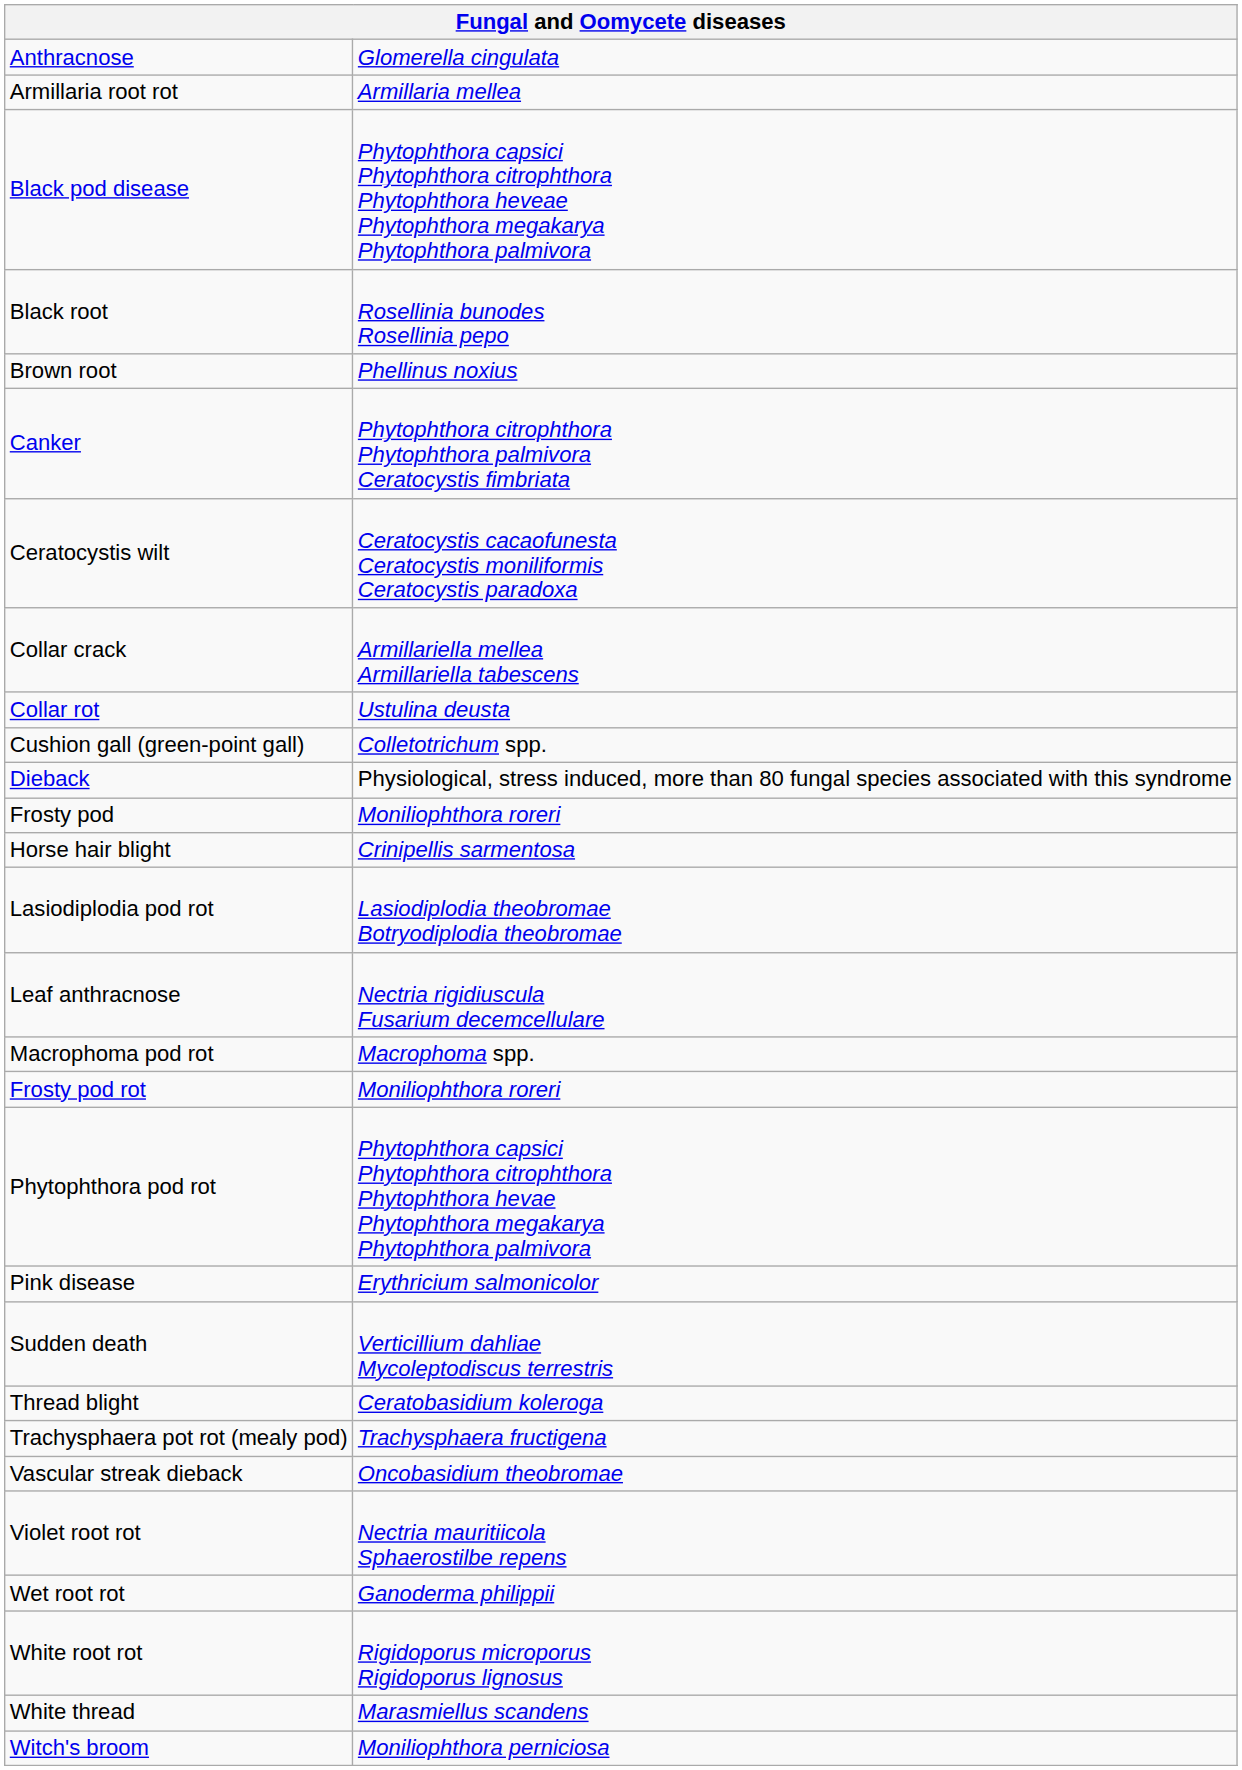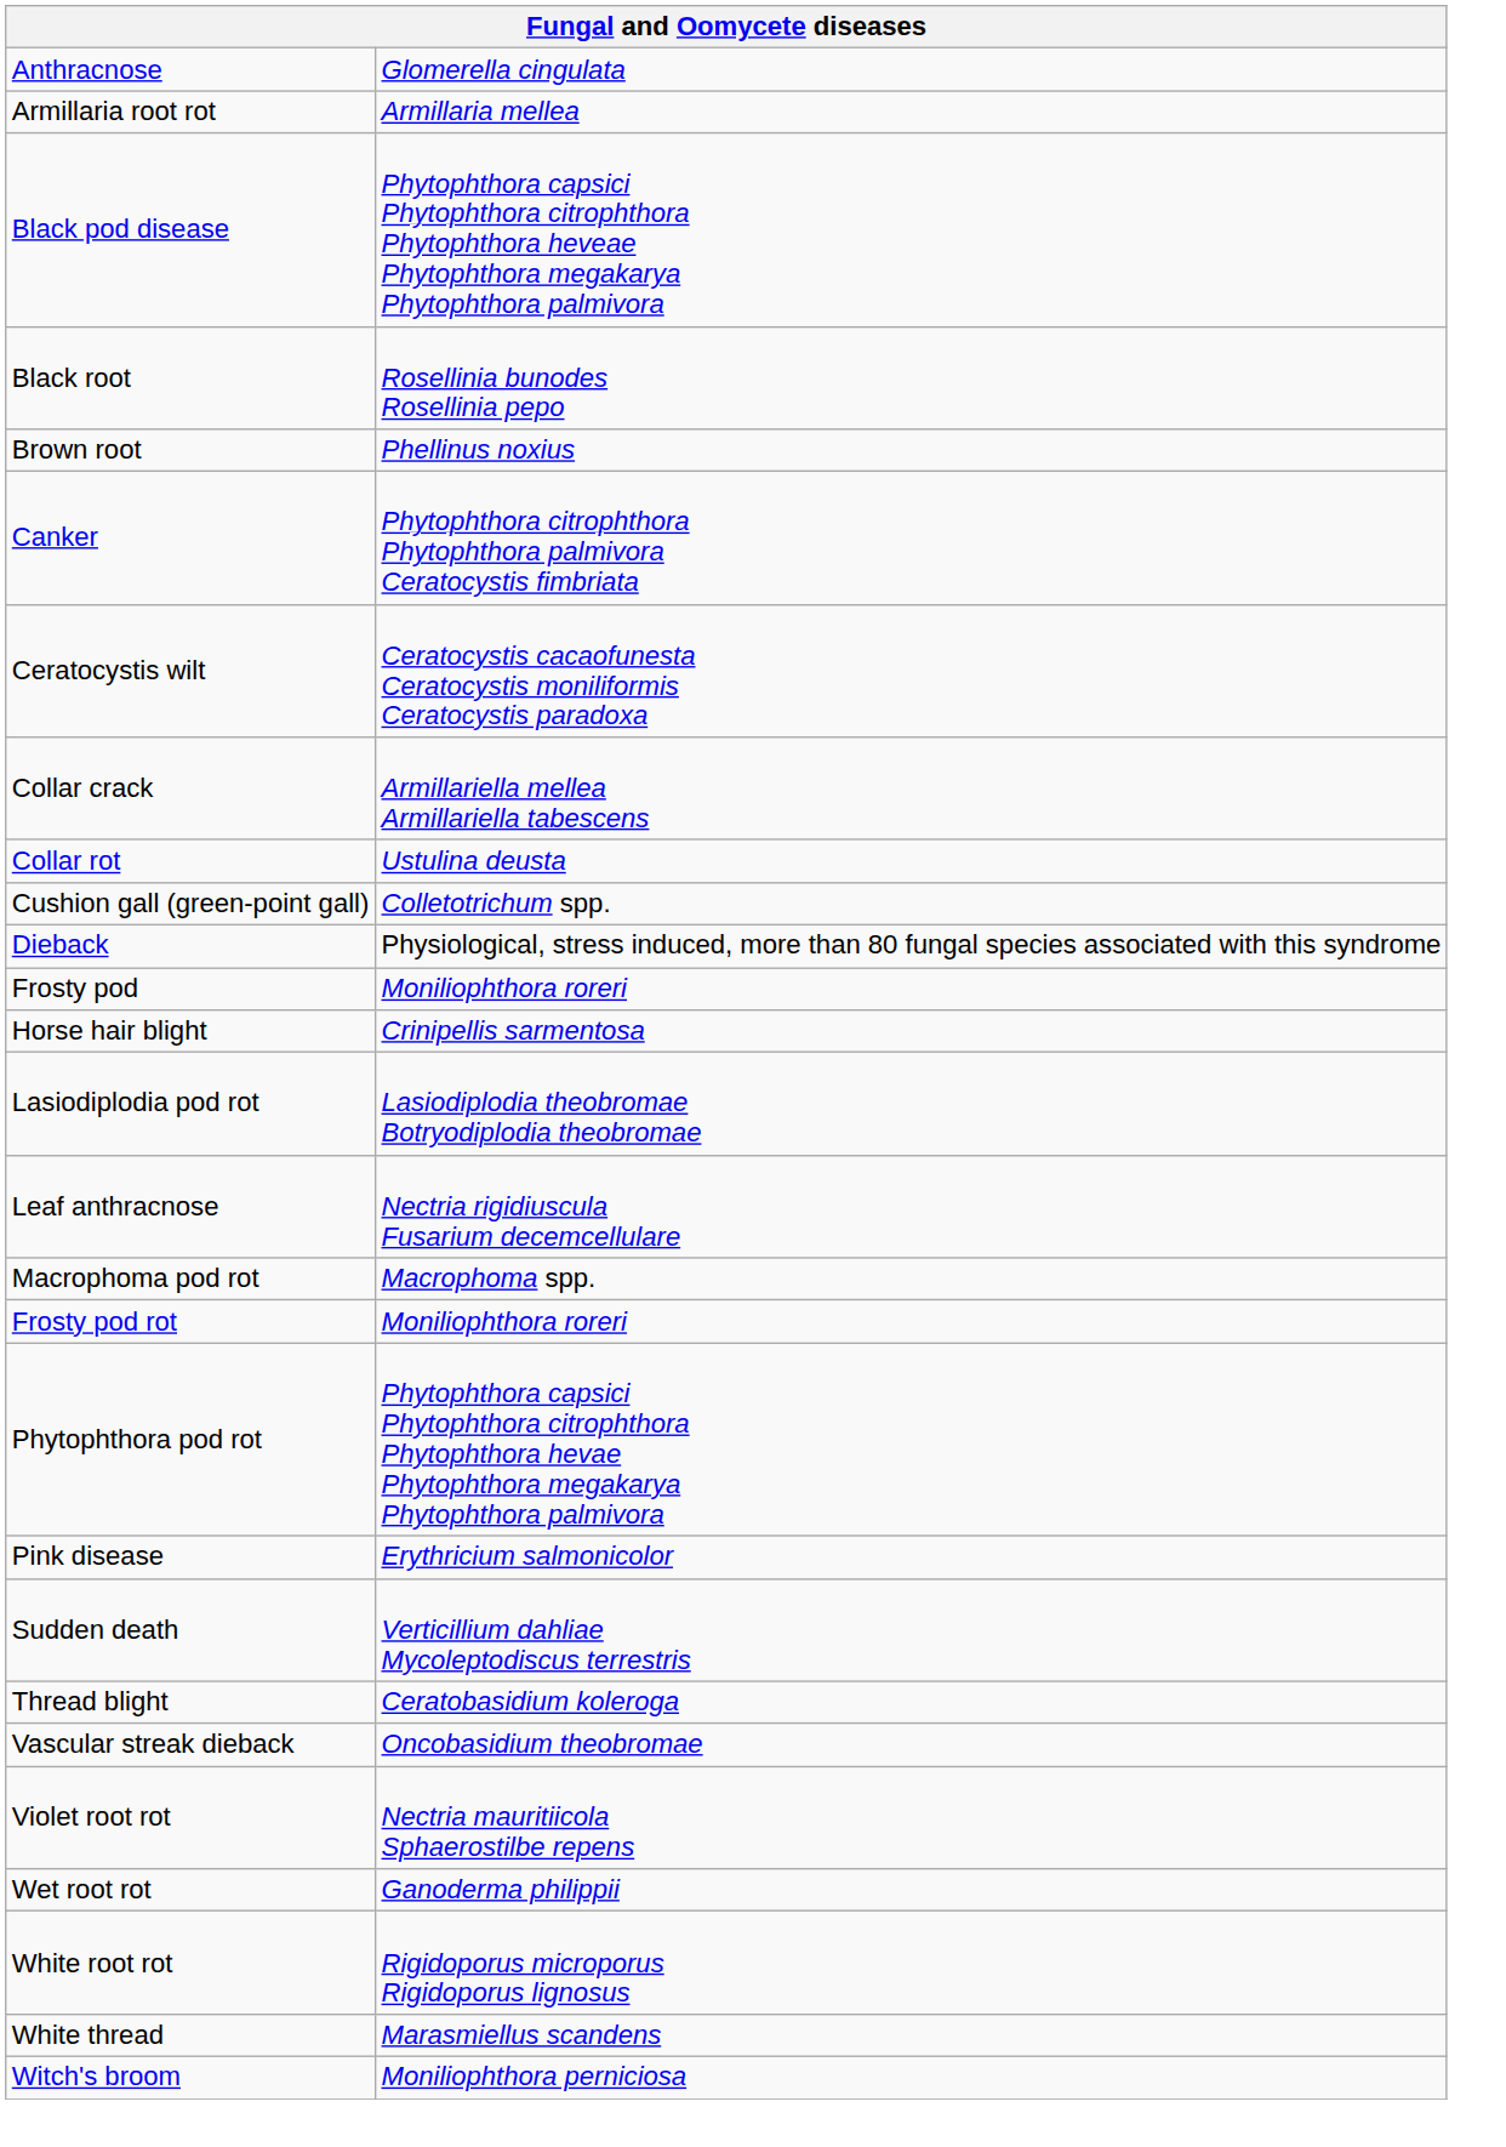 <table class="wikitable" style="clear">
 <tr>
 <th colspan=2><strong><a href='#'>Fungal</a> and <a href='#'>Oomycete</a> diseases</strong><br></th>
 </tr>
 <tr>
 <td><a href='#'>Anthracnose</a></td>
 <td><em><a href='#'>Glomerella cingulata</a></em></td>
 </tr>
 <tr>
 <td>Armillaria root rot</td>
 <td><em><a href='#'>Armillaria mellea</a></em></td>
 </tr>
 <tr>
 <td><a href='#'>Black pod disease</a></td>
 <td><br><em><a href='#'>Phytophthora capsici</a></em><br> <em><a href='#'>Phytophthora citrophthora</a></em><br> <em><a href='#'>Phytophthora heveae</a></em><br> <em><a href='#'>Phytophthora megakarya</a></em><br> <em><a href='#'>Phytophthora palmivora</a></em></td>
 </tr>
 <tr>
 <td>Black root</td>
 <td><br><em><a href='#'>Rosellinia bunodes</a></em><br> <em><a href='#'>Rosellinia pepo</a></em></td>
 </tr>
 <tr>
 <td>Brown root</td>
 <td><em><a href='#'>Phellinus noxius</a></em></td>
 </tr>
 <tr>
 <td><a href='#'>Canker</a></td>
 <td><br><em><a href='#'>Phytophthora citrophthora</a></em><br> <em><a href='#'>Phytophthora palmivora</a></em><br> <em><a href='#'>Ceratocystis fimbriata</a></em></td>
 </tr>
 <tr>
 <td>Ceratocystis wilt</td>
 <td><br><em><a href='#'>Ceratocystis cacaofunesta</a></em><br> <em><a href='#'>Ceratocystis moniliformis</a></em><br> <em><a href='#'>Ceratocystis paradoxa</a></em></td>
 </tr>
 <tr>
 <td>Collar crack</td>
 <td><br><em><a href='#'>Armillariella mellea</a></em><br> <em><a href='#'>Armillariella tabescens</a></em></td>
 </tr>
 <tr>
 <td><a href='#'>Collar rot</a></td>
 <td><em><a href='#'>Ustulina deusta</a></em></td>
 </tr>
 <tr>
 <td>Cushion gall (green-point gall)</td>
 <td><em><a href='#'>Colletotrichum</a></em> spp.</td>
 </tr>
 <tr>
 <td><a href='#'>Dieback</a></td>
 <td>Physiological, stress induced, more than 80 fungal species associated with this syndrome</td>
 </tr>
 <tr>
 <td>Frosty pod</td>
 <td><em><a href='#'>Moniliophthora roreri</a></em></td>
 </tr>
 <tr>
 <td>Horse hair blight</td>
 <td><em><a href='#'>Crinipellis sarmentosa</a></em></td>
 </tr>
 <tr>
 <td>Lasiodiplodia pod rot</td>
 <td><br><em><a href='#'>Lasiodiplodia theobromae</a></em><br>  <em><a href='#'>Botryodiplodia theobromae</a></em></td>
 </tr>
 <tr>
 <td>Leaf anthracnose</td>
 <td><br><em><a href='#'>Nectria rigidiuscula</a></em><br>  <em><a href='#'>Fusarium decemcellulare</a></em></td>
 </tr>
 <tr>
 <td>Macrophoma pod rot</td>
 <td><em><a href='#'>Macrophoma</a></em> spp.</td>
 </tr>
 <tr>
 <td><a href='#'>Frosty pod rot</a></td>
 <td><em><a href='#'>Moniliophthora roreri</a></em></td>
 </tr>
 <tr>
 <td>Phytophthora pod rot</td>
 <td><br><em><a href='#'>Phytophthora capsici</a></em><br> <em><a href='#'>Phytophthora citrophthora</a></em><br> <em><a href='#'>Phytophthora hevae</a></em><br> <em><a href='#'>Phytophthora megakarya</a></em><br> <em><a href='#'>Phytophthora palmivora</a></em></td>
 </tr>
 <tr>
 <td>Pink disease</td>
 <td><em><a href='#'>Erythricium salmonicolor</a></em></td>
 </tr>
 <tr>
 <td>Sudden death</td>
 <td><br><em><a href='#'>Verticillium dahliae</a></em><br> <em><a href='#'>Mycoleptodiscus terrestris</a></em></td>
 </tr>
 <tr>
 <td>Thread blight</td>
 <td><em><a href='#'>Ceratobasidium koleroga</a></em></td>
 </tr>
 <tr>
-<td>Trachysphaera pot rot (mealy pod)</td>
-<td><em><a href='#'>Trachysphaera fructigena</a></em></td>
-</tr>
-<tr>
 <td>Vascular streak dieback</td>
 <td><em><a href='#'>Oncobasidium theobromae</a></em></td>
 </tr>
 <tr>
 <td>Violet root rot</td>
 <td><br><em><a href='#'>Nectria mauritiicola</a></em><br>  <em><a href='#'>Sphaerostilbe repens</a></em></td>
 </tr>
 <tr>
 <td>Wet root rot</td>
 <td><em><a href='#'>Ganoderma philippii</a></em></td>
 </tr>
 <tr>
 <td>White root rot</td>
 <td><br><em><a href='#'>Rigidoporus microporus</a></em><br>  <em><a href='#'>Rigidoporus lignosus</a></em></td>
 </tr>
 <tr>
 <td>White thread</td>
 <td><em><a href='#'>Marasmiellus scandens</a></em></td>
 </tr>
 <tr>
 <td><a href='#'>Witch's broom</a></td>
 <td><em><a href='#'>Moniliophthora perniciosa</a></em></td>
 </tr>
 <tr>
 </tr>
 </table>
